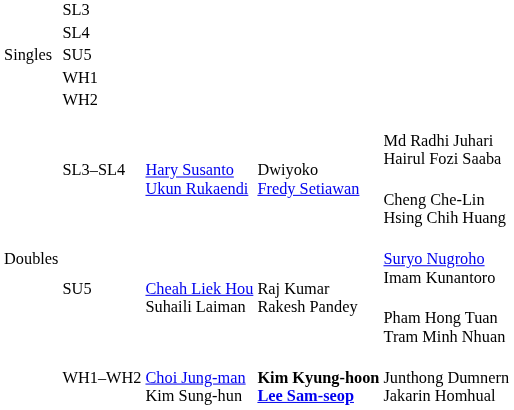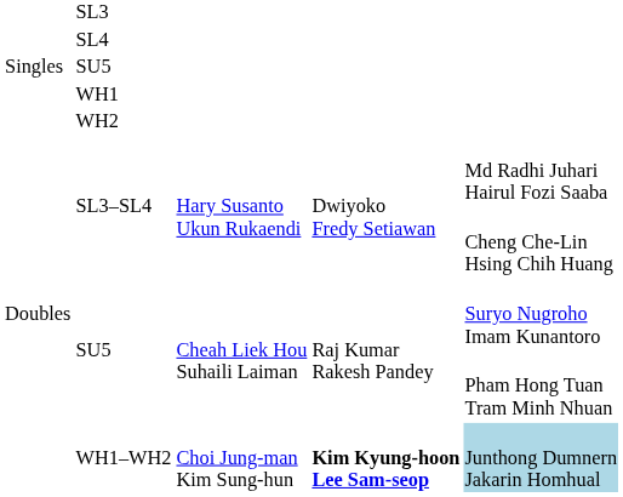 <table>
 <tr>
 <td rowspan=10>Singles</td>
 <td rowspan=2>SL3</td>
 <td rowspan=2></td>
 <td rowspan=2></td>
 <td></td>
 </tr>
 <tr>
 <td></td>
 </tr>
 <tr>
 <td rowspan=2>SL4</td>
 <td rowspan=2></td>
 <td rowspan=2></td>
 <td></td>
 </tr>
 <tr>
 <td></td>
 </tr>
 <tr>
 <td rowspan=2>SU5</td>
 <td rowspan=2></td>
 <td rowspan=2></td>
 <td></td>
 </tr>
 <tr>
 <td></td>
 </tr>
 <tr>
 <td rowspan=2>WH1</td>
 <td rowspan=2></td>
 <td rowspan=2></td>
 <td></td>
 </tr>
 <tr>
 <td></td>
 </tr>
 <tr>
 <td rowspan=2>WH2</td>
 <td rowspan=2></td>
 <td rowspan=2></td>
 <td></td>
 </tr>
 <tr>
 <td></td>
 </tr>
 <tr>
 <td rowspan=5>Doubles</td>
 <td rowspan=2>SL3–SL4</td>
 <td rowspan=2><br><a href='#'>Hary Susanto</a><br><a href='#'>Ukun Rukaendi</a></td>
 <td rowspan=2><br>Dwiyoko<br><a href='#'>Fredy Setiawan</a></td>
 <td><br>Md Radhi Juhari<br>Hairul Fozi Saaba</td>
 </tr>
 <tr>
 <td><br>Cheng Che-Lin<br>Hsing Chih Huang</td>
 </tr>
 <tr>
 <td rowspan=2>SU5</td>
 <td rowspan=2><br><a href='#'>Cheah Liek Hou</a><br>Suhaili Laiman</td>
 <td rowspan=2><br>Raj Kumar<br>Rakesh Pandey</td>
 <td><br><a href='#'>Suryo Nugroho</a><br>Imam Kunantoro</td>
 </tr>
 <tr>
 <td><br>Pham Hong Tuan<br>Tram Minh Nhuan</td>
 </tr>
 <tr>
 <td>WH1–WH2</td>
 <td><br><a href='#'>Choi Jung-man</a><br>Kim Sung-hun</td>
 <td><strong><br>Kim Kyung-hoon<br><a href='#'>Lee Sam-seop</a></strong></td>
-<td><br>Junthong Dumnern<br>Jakarin Homhual</td>
+<td style="background: lightblue;"><br>Junthong Dumnern<br>Jakarin Homhual</td>
 </tr>
 </table>
